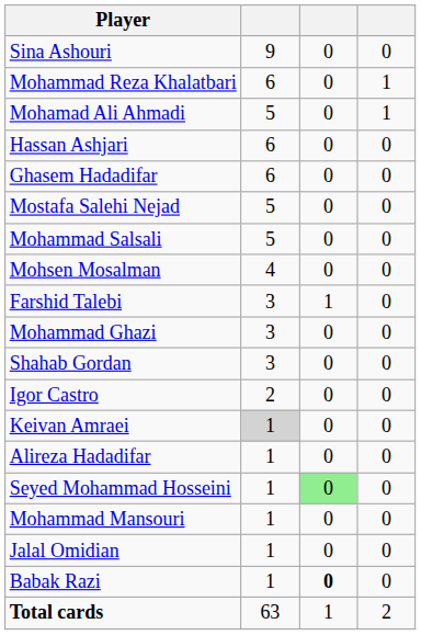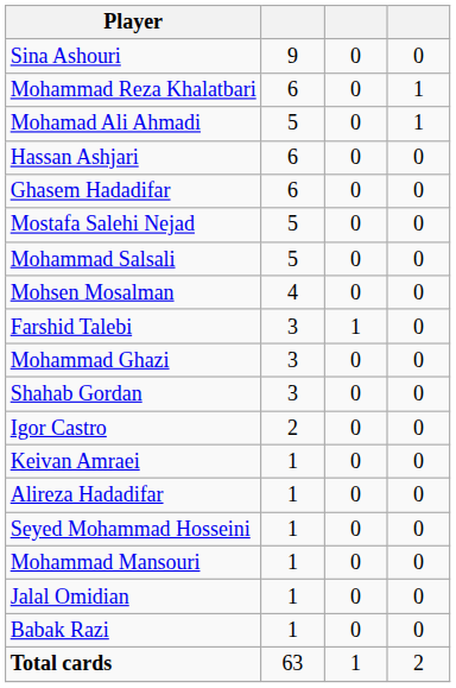 <table class="wikitable" style="text-align: center;">
 <tr>
 <th wight=200>Player</th>
 <th width=40></th>
 <th width=40></th>
 <th width=40></th>
 </tr>
 <tr>
 <td style="text-align:left"> <a href='#'>Sina Ashouri</a></td>
 <td>9</td>
 <td>0</td>
 <td>0</td>
 </tr>
 <tr>
 <td style="text-align:left"> <a href='#'>Mohammad Reza Khalatbari</a></td>
 <td>6</td>
 <td>0</td>
 <td>1</td>
 </tr>
 <tr>
 <td style="text-align:left"> <a href='#'>Mohamad Ali Ahmadi</a></td>
 <td>5</td>
 <td>0</td>
 <td>1</td>
 </tr>
 <tr>
 <td style="text-align:left"> <a href='#'>Hassan Ashjari</a></td>
 <td>6</td>
 <td>0</td>
 <td>0</td>
 </tr>
 <tr>
 <td style="text-align:left"> <a href='#'>Ghasem Hadadifar</a></td>
 <td>6</td>
 <td>0</td>
 <td>0</td>
 </tr>
 <tr>
 <td style="text-align:left"> <a href='#'>Mostafa Salehi Nejad</a></td>
 <td>5</td>
 <td>0</td>
 <td>0</td>
 </tr>
 <tr>
 <td style="text-align:left"> <a href='#'>Mohammad Salsali</a></td>
 <td>5</td>
 <td>0</td>
 <td>0</td>
 </tr>
 <tr>
 <td style="text-align:left"> <a href='#'>Mohsen Mosalman</a></td>
 <td>4</td>
 <td>0</td>
 <td>0</td>
 </tr>
 <tr>
 <td style="text-align:left"> <a href='#'>Farshid Talebi</a></td>
 <td>3</td>
 <td>1</td>
 <td>0</td>
 </tr>
 <tr>
 <td style="text-align:left"> <a href='#'>Mohammad Ghazi</a></td>
 <td>3</td>
 <td>0</td>
 <td>0</td>
 </tr>
 <tr>
 <td style="text-align:left"> <a href='#'>Shahab Gordan</a></td>
 <td>3</td>
 <td>0</td>
 <td>0</td>
 </tr>
 <tr>
 <td style="text-align:left"> <a href='#'>Igor Castro</a></td>
 <td>2</td>
 <td>0</td>
 <td>0</td>
 </tr>
 <tr>
 <td style="text-align:left"> <a href='#'>Keivan Amraei</a></td>
-<td style="background: lightgrey;">1</td>
+<td>1</td>
 <td>0</td>
 <td>0</td>
 </tr>
 <tr>
 <td style="text-align:left"> <a href='#'>Alireza Hadadifar</a></td>
 <td>1</td>
 <td>0</td>
 <td>0</td>
 </tr>
 <tr>
 <td style="text-align:left"> <a href='#'>Seyed Mohammad Hosseini</a></td>
 <td>1</td>
-<td style="background: lightgreen;">0</td>
+<td>0</td>
 <td>0</td>
 </tr>
 <tr>
 <td style="text-align:left"> <a href='#'>Mohammad Mansouri</a></td>
 <td>1</td>
 <td>0</td>
 <td>0</td>
 </tr>
 <tr>
 <td style="text-align:left"> <a href='#'>Jalal Omidian</a></td>
 <td>1</td>
 <td>0</td>
 <td>0</td>
 </tr>
 <tr>
 <td style="text-align:left"> <a href='#'>Babak Razi</a></td>
 <td>1</td>
-<td><strong>0</strong></td>
+<td>0</td>
 <td>0</td>
 </tr>
 <tr>
 <td style="text-align:left"><strong>Total cards</strong></td>
 <td>63</td>
 <td>1</td>
 <td>2</td>
 </tr>
 <tr>
 </tr>
 </table>
